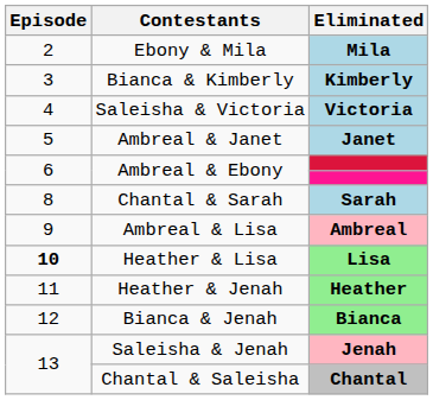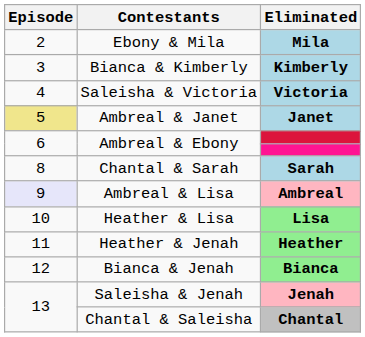 <table class="wikitable" border="2" style="text-align:center">
 <tr>
 <th>Episode</th>
 <th>Contestants</th>
 <th>Eliminated</th>
 </tr>
 <tr>
 <td>2</td>
 <td>Ebony & Mila</td>
 <td style="background:lightblue"><strong>Mila</strong></td>
 </tr>
 <tr>
 <td>3</td>
 <td>Bianca & Kimberly</td>
 <td style="background:lightblue"><strong>Kimberly</strong></td>
 </tr>
 <tr>
 <td>4</td>
 <td>Saleisha & Victoria</td>
 <td style="background:lightblue"><strong>Victoria</strong></td>
 </tr>
 <tr>
-<td>5</td>
+<td style="background: khaki;">5</td>
 <td>Ambreal & Janet</td>
 <td style="background:lightblue"><strong>Janet</strong></td>
 </tr>
 <tr>
 <td rowspan="2">6</td>
 <td rowspan="2">Ambreal & Ebony</td>
 <td style="background:crimson"><strong></strong></td>
 </tr>
 <tr>
 <td style="background:deeppink"><strong></strong></td>
 </tr>
 <tr>
 <td>8</td>
 <td>Chantal & Sarah</td>
 <td style="background:lightblue"><strong>Sarah</strong></td>
 </tr>
 <tr>
-<td>9</td>
+<td style="background: lavender;">9</td>
 <td>Ambreal & Lisa</td>
 <td style="background:lightpink"><strong>Ambreal</strong></td>
 </tr>
 <tr>
-<td><strong>10</strong></td>
+<td>10</td>
 <td>Heather & Lisa</td>
 <td style="background:lightgreen"><strong>Lisa</strong></td>
 </tr>
 <tr>
 <td>11</td>
 <td>Heather & Jenah</td>
 <td style="background:lightgreen"><strong>Heather</strong></td>
 </tr>
 <tr>
 <td>12</td>
 <td>Bianca & Jenah</td>
 <td style="background:lightgreen"><strong>Bianca</strong></td>
 </tr>
 <tr>
 <td rowspan="2">13</td>
 <td>Saleisha & Jenah</td>
 <td style="background:lightpink"><strong>Jenah</strong></td>
 </tr>
 <tr>
 <td>Chantal & Saleisha</td>
 <td style="background:silver"><strong>Chantal</strong></td>
 </tr>
 </table>
